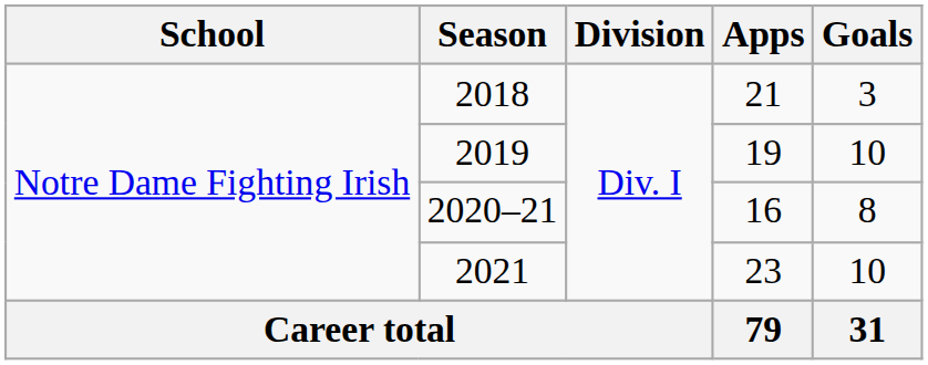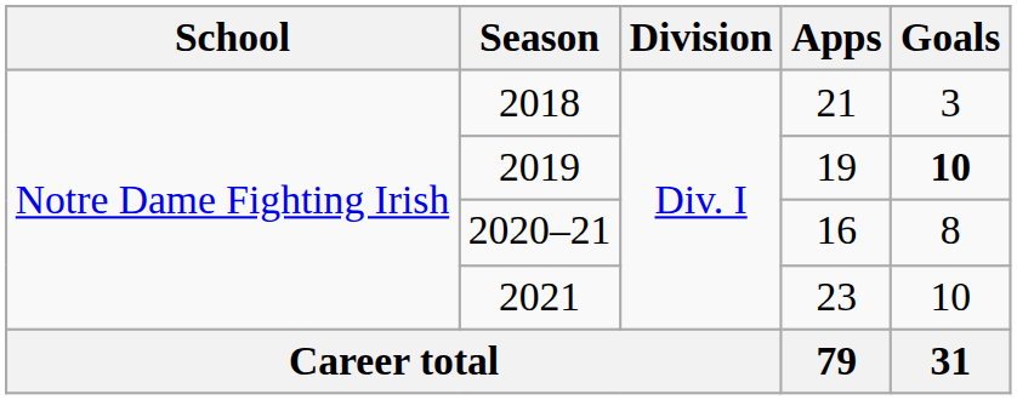 <table class="wikitable" style="text-align: center;">
 <tr>
 <th>School</th>
 <th>Season</th>
 <th>Division</th>
 <th>Apps</th>
 <th>Goals</th>
 </tr>
 <tr>
 <td rowspan="4"><a href='#'>Notre Dame Fighting Irish</a></td>
 <td>2018</td>
 <td rowspan="4"><a href='#'>Div. I</a></td>
 <td>21</td>
 <td>3</td>
 </tr>
 <tr>
 <td>2019</td>
 <td>19</td>
-<td>10</td>
+<td><strong>10</strong></td>
 </tr>
 <tr>
 <td>2020–21</td>
 <td>16</td>
 <td>8</td>
 </tr>
 <tr>
 <td>2021</td>
 <td>23</td>
 <td>10</td>
 </tr>
 <tr>
 <th colspan="3">Career total</th>
 <th>79</th>
 <th>31</th>
 </tr>
 </table>
